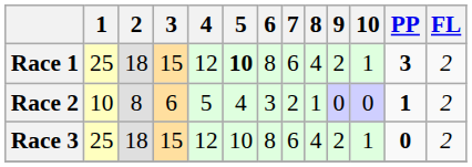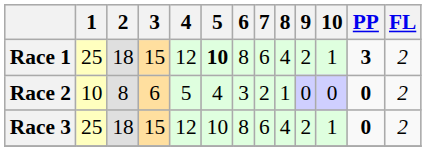 <table class="wikitable" style="font-size: 85%">
 <tr>
 <th></th>
 <th>1</th>
 <th>2</th>
 <th>3</th>
 <th>4</th>
 <th>5</th>
 <th>6</th>
 <th>7</th>
 <th>8</th>
 <th>9</th>
 <th>10</th>
 <th><a href='#'>PP</a></th>
 <th><a href='#'>FL</a></th>
 </tr>
 <tr align="center">
 <th>Race 1</th>
 <td style="background:#FFFFBF;">25</td>
 <td style="background:#DFDFDF;">18</td>
 <td style="background:#FFDF9F;">15</td>
 <td style="background:#DFFFDF;">12</td>
 <td style="background:#DFFFDF;"><strong>10</strong></td>
 <td style="background:#DFFFDF;">8</td>
 <td style="background:#DFFFDF;">6</td>
 <td style="background:#DFFFDF;">4</td>
 <td style="background:#DFFFDF;">2</td>
 <td style="background:#DFFFDF;">1</td>
 <td><strong>3</strong></td>
 <td><em>2</em></td>
 </tr>
 <tr align="center">
 <th>Race 2</th>
 <td style="background:#FFFFBF;">10</td>
 <td style="background:#DFDFDF;">8</td>
 <td style="background:#FFDF9F;">6</td>
 <td style="background:#DFFFDF;">5</td>
 <td style="background:#DFFFDF;">4</td>
 <td style="background:#DFFFDF;">3</td>
 <td style="background:#DFFFDF;">2</td>
 <td style="background:#DFFFDF;">1</td>
 <td style="background:#CFCFFF;">0</td>
 <td style="background:#CFCFFF;">0</td>
-<td><strong>1</strong></td>
+<td><strong>0</strong></td>
 <td><em>2</em></td>
 </tr>
 <tr align="center">
 <th>Race 3</th>
 <td style="background:#FFFFBF;">25</td>
 <td style="background:#DFDFDF;">18</td>
 <td style="background:#FFDF9F;">15</td>
 <td style="background:#DFFFDF;">12</td>
 <td style="background:#DFFFDF;">10</td>
 <td style="background:#DFFFDF;">8</td>
 <td style="background:#DFFFDF;">6</td>
 <td style="background:#DFFFDF;">4</td>
 <td style="background:#DFFFDF;">2</td>
 <td style="background:#DFFFDF;">1</td>
 <td><strong>0</strong></td>
 <td><em>2</em></td>
 </tr>
 <tr>
 </tr>
 </table>
